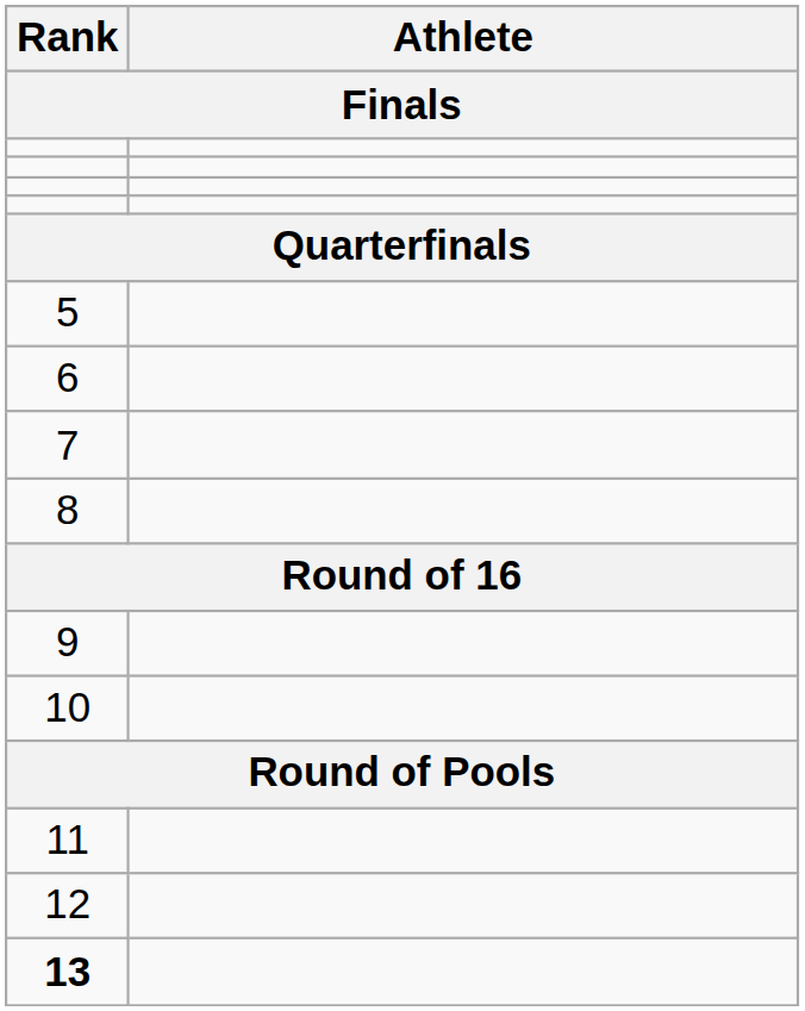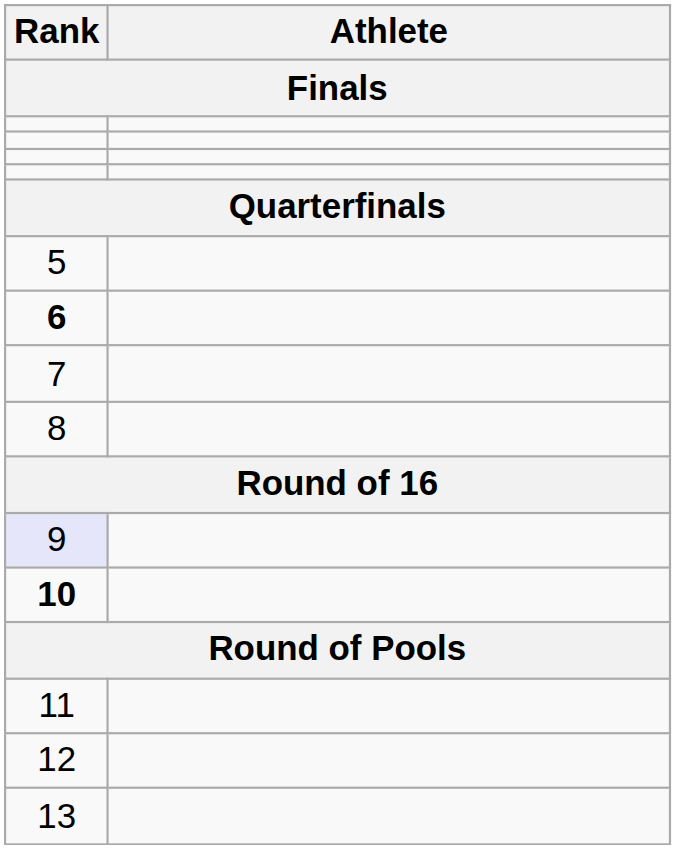 <table class="wikitable" style="text-align:center;">
 <tr>
 <th width=40>Rank</th>
 <th width=250>Athlete</th>
 </tr>
 <tr>
 <th colspan="2">Finals</th>
 </tr>
 <tr>
 <td></td>
 <td align=left></td>
 </tr>
 <tr>
 <td></td>
 <td align=left></td>
 </tr>
 <tr>
 <td></td>
 <td align=left></td>
 </tr>
 <tr>
 <td></td>
 <td align=left></td>
 </tr>
 <tr>
 <th colspan="2">Quarterfinals</th>
 </tr>
 <tr>
 <td>5</td>
 <td align=left></td>
 </tr>
 <tr>
-<td>6</td>
+<td><strong>6</strong></td>
 <td align=left></td>
 </tr>
 <tr>
 <td>7</td>
 <td align=left></td>
 </tr>
 <tr>
 <td>8</td>
 <td align=left></td>
 </tr>
 <tr>
 <th colspan="2">Round of 16</th>
 </tr>
 <tr>
-<td>9</td>
+<td style="background: lavender;">9</td>
 <td align=left></td>
 </tr>
 <tr>
-<td>10</td>
+<td><strong>10</strong></td>
 <td align=left></td>
 </tr>
 <tr>
 <th colspan="2">Round of Pools</th>
 </tr>
 <tr>
 <td>11</td>
 <td align=left></td>
 </tr>
 <tr>
 <td>12</td>
 <td align=left></td>
 </tr>
 <tr>
-<td><strong>13</strong></td>
+<td>13</td>
 <td align=left></td>
 </tr>
 </table>
